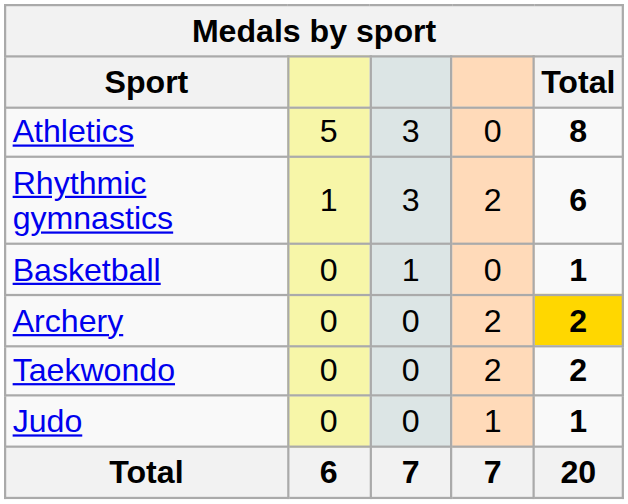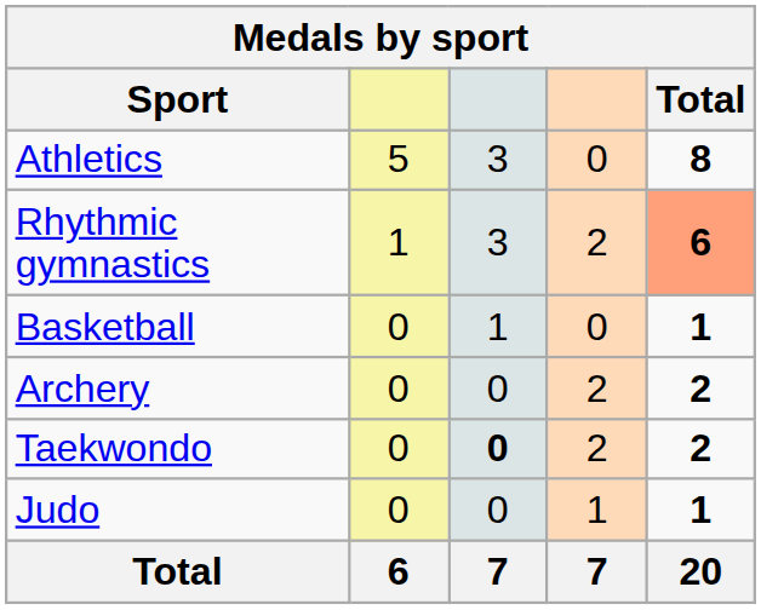 <table class="wikitable" style="font-size:90%; text-align:center;">
 <tr>
 <th colspan=5>Medals by sport</th>
 </tr>
 <tr>
 <th width=120>Sport</th>
 <th scope="col" width=30 style="background:#F7F6A8;"></th>
 <th scope="col" width=30 style="background:#DCE5E5;"></th>
 <th scope="col" width=30 style="background:#FFDAB9;"></th>
 <th width=30>Total</th>
 </tr>
 <tr>
 <td align="left"><a href='#'>Athletics</a></td>
 <td style="background:#F7F6A8;">5</td>
 <td style="background:#DCE5E5;">3</td>
 <td style="background:#FFDAB9;">0</td>
 <td><strong>8</strong></td>
 </tr>
 <tr>
 <td align="left"><a href='#'>Rhythmic gymnastics</a></td>
 <td style="background:#F7F6A8;">1</td>
 <td style="background:#DCE5E5;">3</td>
 <td style="background:#FFDAB9;">2</td>
-<td><strong>6</strong></td>
+<td style="background: lightsalmon;"><strong>6</strong></td>
 </tr>
 <tr>
 <td align="left"><a href='#'>Basketball</a></td>
 <td style="background:#F7F6A8;">0</td>
 <td style="background:#DCE5E5;">1</td>
 <td style="background:#FFDAB9;">0</td>
 <td><strong>1</strong></td>
 </tr>
 <tr>
 <td align="left"><a href='#'>Archery</a></td>
 <td style="background:#F7F6A8;">0</td>
 <td style="background:#DCE5E5;">0</td>
 <td style="background:#FFDAB9;">2</td>
-<td style="background: gold;"><strong>2</strong></td>
+<td><strong>2</strong></td>
 </tr>
 <tr>
 <td align="left"><a href='#'>Taekwondo</a></td>
 <td style="background:#F7F6A8;">0</td>
-<td style="background:#DCE5E5;">0</td>
+<td style="background:#DCE5E5;"><strong>0</strong></td>
 <td style="background:#FFDAB9;">2</td>
 <td><strong>2</strong></td>
 </tr>
 <tr>
 <td align="left"><a href='#'>Judo</a></td>
 <td style="background:#F7F6A8;">0</td>
 <td style="background:#DCE5E5;">0</td>
 <td style="background:#FFDAB9;">1</td>
 <td><strong>1</strong></td>
 </tr>
 <tr class="sortbottom">
 <th>Total</th>
 <th>6</th>
 <th>7</th>
 <th>7</th>
 <th>20</th>
 </tr>
 </table>
